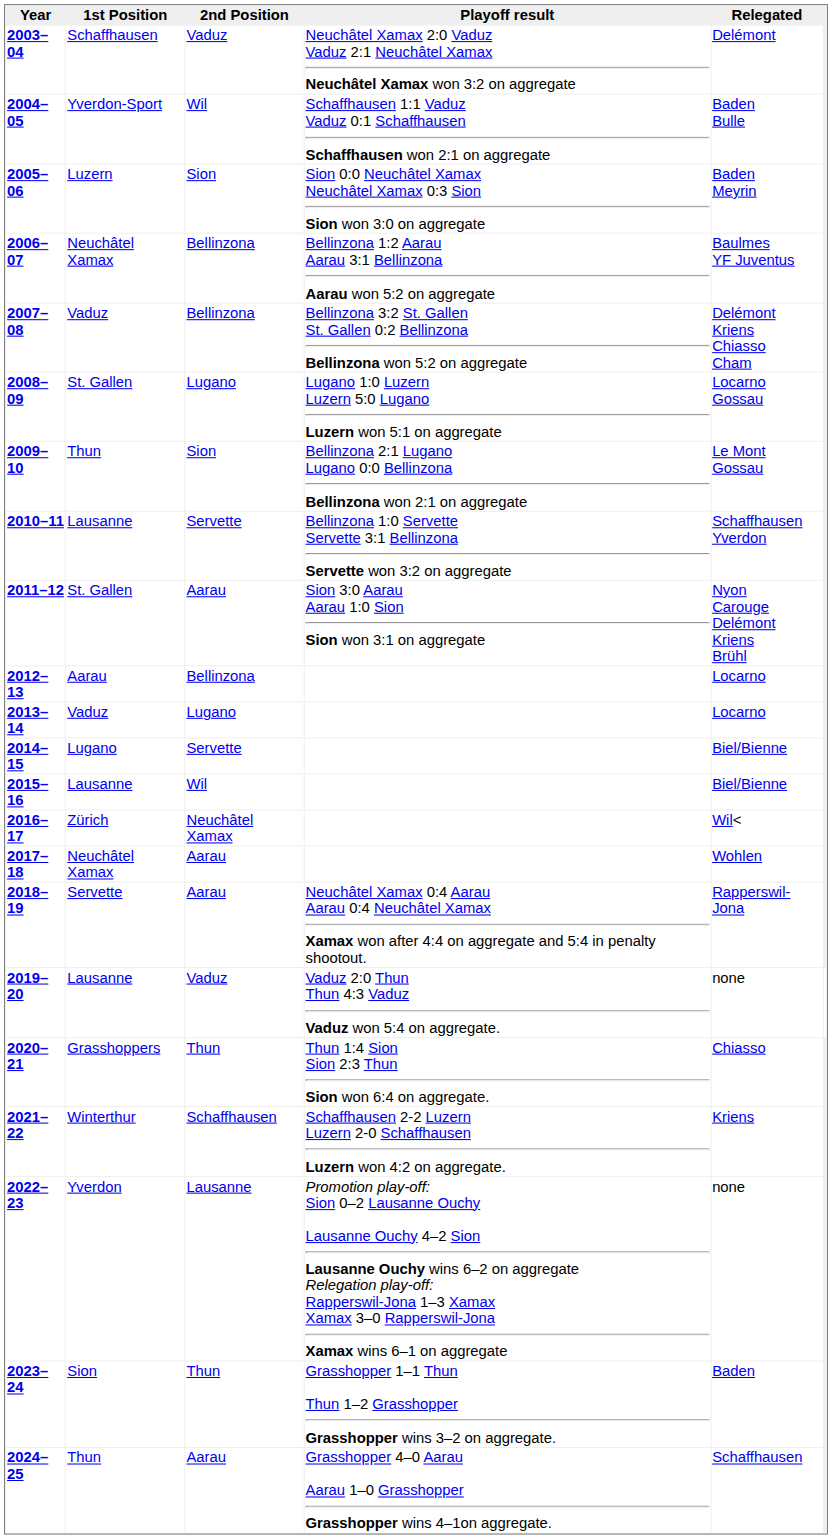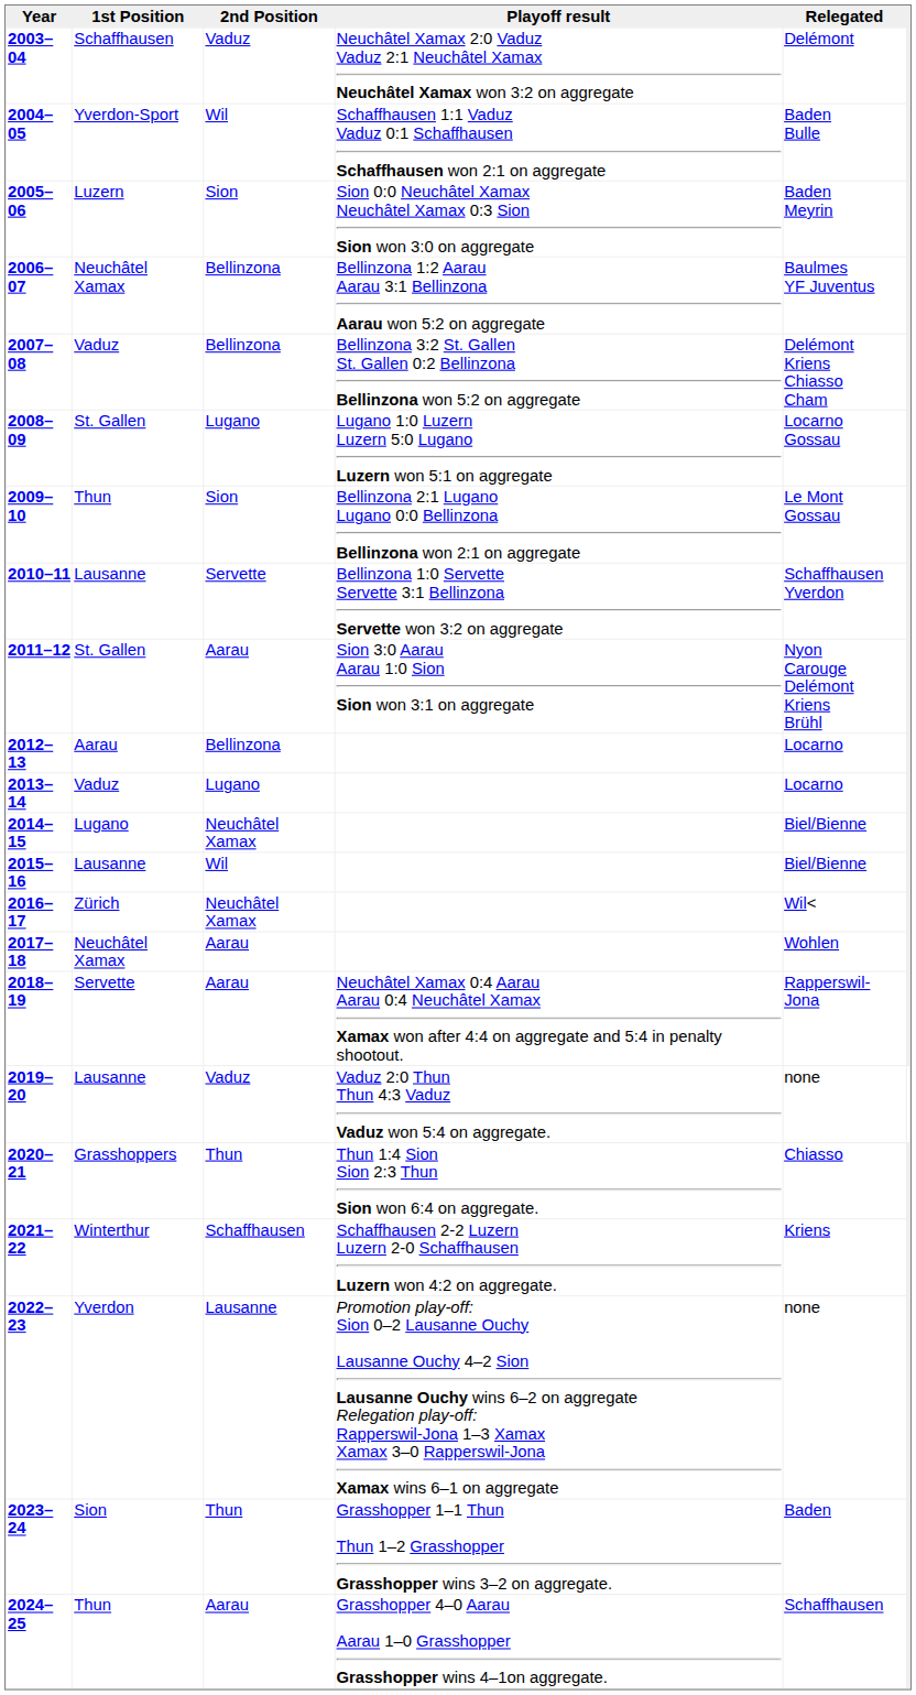 <table style="font-size:90%;border-style:solid;border-width:1px;border-color:#808080;background-color:#EFEFEF" cellspacing="1" cellpadding="1" width="800px">
 <tr bgcolor="#EFEFEF">
 <th>Year</th>
 <th>1st Position</th>
 <th>2nd Position</th>
 <th>Playoff result</th>
 <th>Relegated</th>
 </tr>
 <tr align="left" valign="top" bgcolor="#ffffff">
 <th><a href='#'>2003–04</a></th>
 <td><a href='#'>Schaffhausen</a></td>
 <td><a href='#'>Vaduz</a></td>
 <td><a href='#'>Neuchâtel Xamax</a> 2:0 <a href='#'>Vaduz</a><br><a href='#'>Vaduz</a> 2:1 <a href='#'>Neuchâtel Xamax</a> <hr> <strong>Neuchâtel Xamax</strong> won 3:2 on aggregate</td>
 <td><a href='#'>Delémont</a></td>
 </tr>
 <tr align="left" valign="top" bgcolor="#ffffff">
 <th><a href='#'>2004–05</a></th>
 <td><a href='#'>Yverdon-Sport</a></td>
 <td><a href='#'>Wil</a></td>
 <td><a href='#'>Schaffhausen</a> 1:1 <a href='#'>Vaduz</a><br><a href='#'>Vaduz</a> 0:1 <a href='#'>Schaffhausen</a> <hr> <strong>Schaffhausen</strong> won 2:1 on aggregate</td>
 <td><a href='#'>Baden</a><br><a href='#'>Bulle</a></td>
 </tr>
 <tr align="left" valign="top" bgcolor="#ffffff">
 <th><a href='#'>2005–06</a></th>
 <td><a href='#'>Luzern</a></td>
 <td><a href='#'>Sion</a></td>
 <td><a href='#'>Sion</a> 0:0 <a href='#'>Neuchâtel Xamax</a><br><a href='#'>Neuchâtel Xamax</a> 0:3 <a href='#'>Sion</a> <hr> <strong>Sion</strong> won 3:0 on aggregate</td>
 <td><a href='#'>Baden</a><br><a href='#'>Meyrin</a></td>
 </tr>
 <tr align="left" valign="top" bgcolor="#ffffff">
 <th><a href='#'>2006–07</a></th>
 <td><a href='#'>Neuchâtel Xamax</a></td>
 <td><a href='#'>Bellinzona</a></td>
 <td><a href='#'>Bellinzona</a> 1:2 <a href='#'>Aarau</a><br><a href='#'>Aarau</a> 3:1 <a href='#'>Bellinzona</a> <hr> <strong>Aarau</strong> won 5:2 on aggregate</td>
 <td><a href='#'>Baulmes</a><br><a href='#'>YF Juventus</a></td>
 </tr>
 <tr align="left" valign="top" bgcolor="#ffffff">
 <th><a href='#'>2007–08</a></th>
 <td><a href='#'>Vaduz</a></td>
 <td><a href='#'>Bellinzona</a></td>
 <td><a href='#'>Bellinzona</a> 3:2 <a href='#'>St. Gallen</a><br><a href='#'>St. Gallen</a> 0:2 <a href='#'>Bellinzona</a> <hr> <strong>Bellinzona</strong> won 5:2 on aggregate</td>
 <td><a href='#'>Delémont</a> <br> <a href='#'>Kriens</a><br><a href='#'>Chiasso</a> <br> <a href='#'>Cham</a></td>
 </tr>
 <tr align="left" valign="top" bgcolor="#ffffff">
 <th><a href='#'>2008–09</a></th>
 <td><a href='#'>St. Gallen</a></td>
 <td><a href='#'>Lugano</a></td>
 <td><a href='#'>Lugano</a> 1:0 <a href='#'>Luzern</a><br><a href='#'>Luzern</a> 5:0 <a href='#'>Lugano</a> <hr> <strong>Luzern</strong> won 5:1 on aggregate</td>
 <td><a href='#'>Locarno</a><br><a href='#'>Gossau</a></td>
 </tr>
 <tr align="left" valign="top" bgcolor="#ffffff">
 <th><a href='#'>2009–10</a></th>
 <td><a href='#'>Thun</a></td>
 <td><a href='#'>Sion</a></td>
 <td><a href='#'>Bellinzona</a> 2:1 <a href='#'>Lugano</a><br><a href='#'>Lugano</a> 0:0 <a href='#'>Bellinzona</a> <hr> <strong>Bellinzona</strong> won 2:1 on aggregate</td>
 <td><a href='#'>Le Mont</a><br><a href='#'>Gossau</a></td>
 </tr>
 <tr align="left" valign="top" bgcolor="#ffffff">
 <th><a href='#'>2010–11</a></th>
 <td><a href='#'>Lausanne</a></td>
 <td><a href='#'>Servette</a></td>
 <td><a href='#'>Bellinzona</a> 1:0 <a href='#'>Servette</a><br><a href='#'>Servette</a> 3:1 <a href='#'>Bellinzona</a> <hr> <strong>Servette</strong> won 3:2 on aggregate</td>
 <td><a href='#'>Schaffhausen</a><br><a href='#'>Yverdon</a></td>
 </tr>
 <tr align="left" valign="top" bgcolor="#ffffff">
 <th><a href='#'>2011–12</a></th>
 <td><a href='#'>St. Gallen</a></td>
 <td><a href='#'>Aarau</a></td>
 <td><a href='#'>Sion</a> 3:0 <a href='#'>Aarau</a><br><a href='#'>Aarau</a> 1:0 <a href='#'>Sion</a> <hr> <strong>Sion</strong> won 3:1 on aggregate</td>
 <td><a href='#'>Nyon</a> <br> <a href='#'>Carouge</a><br><a href='#'>Delémont</a><br><a href='#'>Kriens</a> <br> <a href='#'>Brühl</a></td>
 </tr>
 <tr align="left" valign="top" bgcolor="#ffffff">
 <th><a href='#'>2012–13</a></th>
 <td><a href='#'>Aarau</a></td>
 <td><a href='#'>Bellinzona</a></td>
 <td></td>
 <td><a href='#'>Locarno</a></td>
 </tr>
 <tr align="left" valign="top" bgcolor="#ffffff">
 <th><a href='#'>2013–14</a></th>
 <td><a href='#'>Vaduz</a></td>
 <td><a href='#'>Lugano</a></td>
 <td></td>
 <td><a href='#'>Locarno</a></td>
 </tr>
 <tr align="left" valign="top" bgcolor="#ffffff">
 <th><a href='#'>2014–15</a></th>
 <td><a href='#'>Lugano</a></td>
-<td><a href='#'>Servette</a></td>
+<td><a href='#'>Neuchâtel Xamax</a></td>
 <td></td>
 <td><a href='#'>Biel/Bienne</a></td>
 </tr>
 <tr align="left" valign="top" bgcolor="#ffffff">
 <th><a href='#'>2015–16</a></th>
 <td><a href='#'>Lausanne</a></td>
 <td><a href='#'>Wil</a></td>
 <td></td>
 <td><a href='#'>Biel/Bienne</a></td>
 </tr>
 <tr align="left" valign="top" bgcolor="#ffffff">
 <th><a href='#'>2016–17</a></th>
 <td><a href='#'>Zürich</a></td>
 <td><a href='#'>Neuchâtel Xamax</a></td>
 <td></td>
 <td><a href='#'>Wil</a><</td>
 </tr>
 <tr align="left" valign="top" bgcolor="#ffffff">
 <th><a href='#'>2017–18</a></th>
 <td><a href='#'>Neuchâtel Xamax</a></td>
 <td><a href='#'>Aarau</a></td>
 <td></td>
 <td><a href='#'>Wohlen</a></td>
 </tr>
 <tr align="left" valign="top" bgcolor="#ffffff">
 <th><a href='#'>2018–19</a></th>
 <td><a href='#'>Servette</a></td>
 <td><a href='#'>Aarau</a></td>
 <td><a href='#'>Neuchâtel Xamax</a> 0:4 <a href='#'>Aarau</a><br><a href='#'>Aarau</a> 0:4  <a href='#'>Neuchâtel Xamax</a> <hr> <strong>Xamax</strong> won after 4:4 on aggregate and 5:4 in penalty shootout.</td>
 <td><a href='#'>Rapperswil-Jona</a></td>
 </tr>
 <tr align="left" valign="top" bgcolor="#ffffff">
 <th><a href='#'>2019–20</a></th>
 <td><a href='#'>Lausanne</a></td>
 <td><a href='#'>Vaduz</a></td>
 <td><a href='#'>Vaduz</a> 2:0 <a href='#'>Thun</a><br><a href='#'>Thun</a> 4:3 <a href='#'>Vaduz</a> <hr> <strong>Vaduz</strong> won 5:4 on aggregate.</td>
 <td>none</td>
 <td></td>
 </tr>
 <tr align="left" valign="top" bgcolor="#ffffff">
 <th><a href='#'>2020–21</a></th>
 <td><a href='#'>Grasshoppers</a></td>
 <td><a href='#'>Thun</a></td>
 <td><a href='#'>Thun</a> 1:4 <a href='#'>Sion</a><br><a href='#'>Sion</a> 2:3 <a href='#'>Thun</a> <hr> <strong>Sion</strong> won 6:4 on aggregate.</td>
 <td><a href='#'>Chiasso</a></td>
 </tr>
 <tr align="left" valign="top" bgcolor="#ffffff">
 <th><a href='#'>2021–22</a></th>
 <td><a href='#'>Winterthur</a></td>
 <td><a href='#'>Schaffhausen</a></td>
 <td><a href='#'>Schaffhausen</a> 2-2 <a href='#'>Luzern</a><br><a href='#'>Luzern</a> 2-0 <a href='#'>Schaffhausen</a> <hr> <strong>Luzern</strong> won 4:2 on aggregate.</td>
 <td><a href='#'>Kriens</a></td>
 </tr>
 <tr align="left" valign="top" bgcolor="#ffffff">
 <th><a href='#'>2022–23</a></th>
 <td><a href='#'>Yverdon</a></td>
 <td><a href='#'>Lausanne</a></td>
 <td><em>Promotion play-off:</em><br><a href='#'>Sion</a> 0–2 <a href='#'>Lausanne Ouchy</a><br><br><a href='#'>Lausanne Ouchy</a> 4–2 <a href='#'>Sion</a> <hr> <strong>Lausanne Ouchy</strong> wins 6–2 on aggregate<br><em>Relegation play-off:</em><br> <a href='#'>Rapperswil-Jona</a> 1–3 <a href='#'>Xamax</a><br> <a href='#'>Xamax</a> 3–0 <a href='#'>Rapperswil-Jona</a><hr> <strong>Xamax</strong> wins 6–1 on aggregate</td>
 <td>none</td>
 </tr>
 <tr align="left" valign="top" bgcolor="#ffffff">
 <th><a href='#'>2023–24</a></th>
 <td><a href='#'>Sion</a></td>
 <td><a href='#'>Thun</a></td>
 <td><a href='#'>Grasshopper</a> 1–1 <a href='#'>Thun</a><br><br><a href='#'>Thun</a> 1–2 <a href='#'>Grasshopper</a><hr> <strong>Grasshopper</strong> wins 3–2 on aggregate.</td>
 <td><a href='#'>Baden</a></td>
 </tr>
 <tr align="left" valign="top" bgcolor="#ffffff">
 <th><a href='#'>2024–25</a></th>
 <td><a href='#'>Thun</a></td>
 <td><a href='#'>Aarau</a></td>
 <td><a href='#'>Grasshopper</a> 4–0 <a href='#'>Aarau</a><br><br><a href='#'>Aarau</a> 1–0 <a href='#'>Grasshopper</a><hr> <strong>Grasshopper</strong> wins 4–1on aggregate.</td>
 <td><a href='#'>Schaffhausen</a></td>
 </tr>
 </table>
